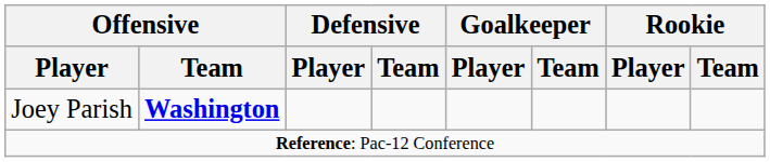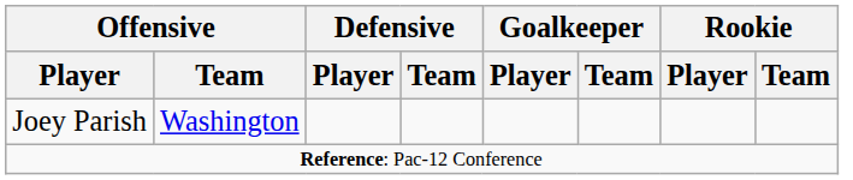 <table class="wikitable">
 <tr>
 <th colspan="2">Offensive</th>
 <th colspan="2">Defensive</th>
 <th colspan="2">Goalkeeper</th>
 <th colspan="2">Rookie</th>
 </tr>
 <tr>
 <th>Player</th>
 <th>Team</th>
 <th>Player</th>
 <th>Team</th>
 <th>Player</th>
 <th>Team</th>
 <th>Player</th>
 <th>Team</th>
 </tr>
 <tr>
 <td>Joey Parish</td>
-<td><strong><a href='#'>Washington</a></strong></td>
+<td><a href='#'>Washington</a></td>
 <td></td>
 <td></td>
 <td></td>
 <td></td>
 <td></td>
 <td></td>
 </tr>
 <tr>
 <td colspan="12"  style="font-size:8pt; text-align:center;"><strong>Reference</strong>: Pac-12 Conference</td>
 </tr>
 </table>
